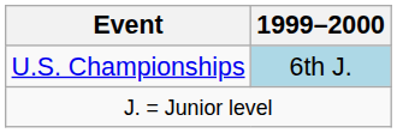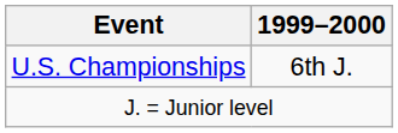 <table class="wikitable" style="text-align:center">
 <tr>
 <th>Event</th>
 <th>1999–2000</th>
 </tr>
 <tr>
 <td align=left><a href='#'>U.S. Championships</a></td>
-<td style="background: lightblue;">6th J.</td>
+<td>6th J.</td>
 </tr>
 <tr>
 <td colspan="2" align="center"><small>J. = Junior level </small></td>
 </tr>
 </table>
